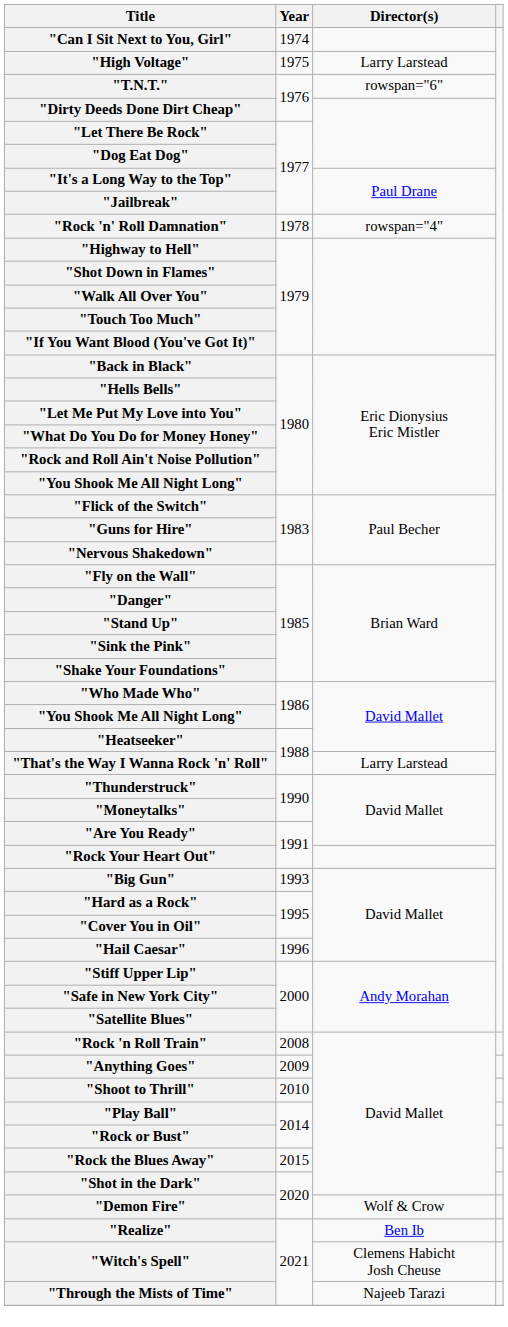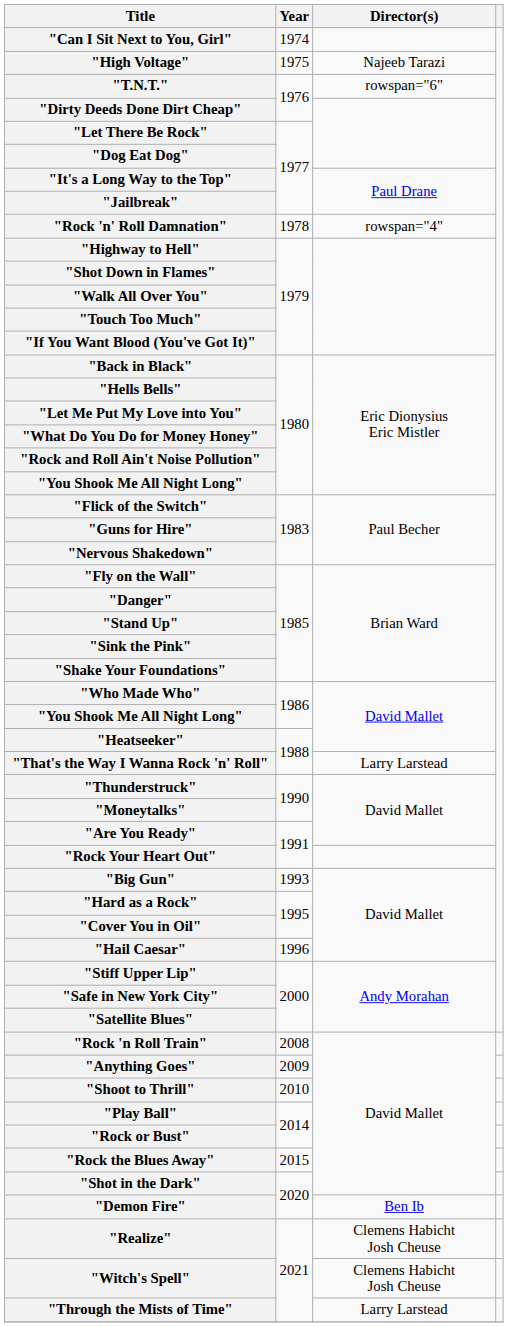 <table class="wikitable plainrowheaders" style="text-align:center">
 <tr>
 <th scope="col" style="width:18em;">Title</th>
 <th scope="col" style="width:1em;">Year</th>
 <th scope="col" style="width:12em;">Director(s)</th>
 <th scope="col"></th>
 </tr>
 <tr>
 <th scope="row">"Can I Sit Next to You, Girl"</th>
 <td>1974</td>
 <td></td>
 <td rowspan="43"></td>
 </tr>
 <tr>
 <th scope="row">"High Voltage"</th>
 <td>1975</td>
-<td>Larry Larstead</td>
+<td>Najeeb Tarazi</td>
 </tr>
 <tr>
 <th scope="row">"T.N.T."</th>
 <td rowspan="2">1976</td>
 <td>rowspan="6" </td>
 </tr>
 <tr>
 <th scope="row">"Dirty Deeds Done Dirt Cheap"</th>
 </tr>
 <tr>
 <th scope="row">"Let There Be Rock"</th>
 <td rowspan="4">1977</td>
 </tr>
 <tr>
 <th scope="row">"Dog Eat Dog"</th>
 </tr>
 <tr>
 <th scope="row">"It's a Long Way to the Top"</th>
 <td rowspan="2"><a href='#'>Paul Drane</a></td>
 </tr>
 <tr>
 <th scope="row">"Jailbreak"</th>
 </tr>
 <tr>
 <th scope="row">"Rock 'n' Roll Damnation"</th>
 <td>1978</td>
 <td>rowspan="4" </td>
 </tr>
 <tr>
 <th scope="row">"Highway to Hell"</th>
 <td rowspan="5">1979</td>
 </tr>
 <tr>
 <th scope="row">"Shot Down in Flames"</th>
 </tr>
 <tr>
 <th scope="row">"Walk All Over You"</th>
 </tr>
 <tr>
 <th scope="row">"Touch Too Much"</th>
 </tr>
 <tr>
 <th scope="row">"If You Want Blood (You've Got It)"</th>
 </tr>
 <tr>
 <th scope="row">"Back in Black"</th>
 <td rowspan="6">1980</td>
 <td rowspan="6">Eric Dionysius<br>Eric Mistler</td>
 </tr>
 <tr>
 <th scope="row">"Hells Bells"</th>
 </tr>
 <tr>
 <th scope="row">"Let Me Put My Love into You"</th>
 </tr>
 <tr>
 <th scope="row">"What Do You Do for Money Honey"</th>
 </tr>
 <tr>
 <th scope="row">"Rock and Roll Ain't Noise Pollution"</th>
 </tr>
 <tr>
 <th scope="row">"You Shook Me All Night Long"</th>
 </tr>
 <tr>
 <th scope="row">"Flick of the Switch"</th>
 <td rowspan="3">1983</td>
 <td rowspan="3">Paul Becher</td>
 </tr>
 <tr>
 <th scope="row">"Guns for Hire"</th>
 </tr>
 <tr>
 <th scope="row">"Nervous Shakedown"</th>
 </tr>
 <tr>
 <th scope="row">"Fly on the Wall"</th>
 <td rowspan="5">1985</td>
 <td rowspan="5">Brian Ward</td>
 </tr>
 <tr>
 <th scope="row">"Danger"</th>
 </tr>
 <tr>
 <th scope="row">"Stand Up"</th>
 </tr>
 <tr>
 <th scope="row">"Sink the Pink"</th>
 </tr>
 <tr>
 <th scope="row">"Shake Your Foundations"</th>
 </tr>
 <tr>
 <th scope="row">"Who Made Who"</th>
 <td rowspan="2">1986</td>
 <td rowspan="3"><a href='#'>David Mallet</a></td>
 </tr>
 <tr>
 <th scope="row">"You Shook Me All Night Long"</th>
 </tr>
 <tr>
 <th scope="row">"Heatseeker"</th>
 <td rowspan="2">1988</td>
 </tr>
 <tr>
 <th scope="row">"That's the Way I Wanna Rock 'n' Roll"</th>
 <td>Larry Larstead</td>
 </tr>
 <tr>
 <th scope="row">"Thunderstruck"</th>
 <td rowspan="2">1990</td>
 <td rowspan="3">David Mallet</td>
 </tr>
 <tr>
 <th scope="row">"Moneytalks"</th>
 </tr>
 <tr>
 <th scope="row">"Are You Ready"</th>
 <td rowspan="2">1991</td>
 </tr>
 <tr>
 <th scope="row">"Rock Your Heart Out"</th>
 <td></td>
 </tr>
 <tr>
 <th scope="row">"Big Gun"</th>
 <td>1993</td>
 <td rowspan="4">David Mallet</td>
 </tr>
 <tr>
 <th scope="row">"Hard as a Rock"</th>
 <td rowspan="2">1995</td>
 </tr>
 <tr>
 <th scope="row">"Cover You in Oil"</th>
 </tr>
 <tr>
 <th scope="row">"Hail Caesar"</th>
 <td>1996</td>
 </tr>
 <tr>
 <th scope="row">"Stiff Upper Lip"</th>
 <td rowspan="3">2000</td>
 <td rowspan="3"><a href='#'>Andy Morahan</a></td>
 </tr>
 <tr>
 <th scope="row">"Safe in New York City"</th>
 </tr>
 <tr>
 <th scope="row">"Satellite Blues"</th>
 </tr>
 <tr>
 <th scope="row">"Rock 'n Roll Train"</th>
 <td>2008</td>
 <td rowspan="7">David Mallet</td>
 <td></td>
 </tr>
 <tr>
 <th scope="row">"Anything Goes"</th>
 <td>2009</td>
 <td></td>
 </tr>
 <tr>
 <th scope="row">"Shoot to Thrill"</th>
 <td>2010</td>
 <td></td>
 </tr>
 <tr>
 <th scope="row">"Play Ball"</th>
 <td rowspan="2">2014</td>
 <td></td>
 </tr>
 <tr>
 <th scope="row">"Rock or Bust"</th>
 <td></td>
 </tr>
 <tr>
 <th scope="row">"Rock the Blues Away"</th>
 <td>2015</td>
 <td></td>
 </tr>
 <tr>
 <th scope="row">"Shot in the Dark"</th>
 <td rowspan="2">2020</td>
 <td></td>
 </tr>
 <tr>
 <th scope="row">"Demon Fire"</th>
-<td>Wolf & Crow</td>
+<td><a href='#'>Ben Ib</a></td>
 <td></td>
 </tr>
 <tr>
 <th scope="row">"Realize"</th>
 <td rowspan="3">2021</td>
-<td><a href='#'>Ben Ib</a></td>
+<td>Clemens Habicht<br>Josh Cheuse</td>
 <td></td>
 </tr>
 <tr>
 <th scope="row">"Witch's Spell"</th>
 <td>Clemens Habicht<br>Josh Cheuse</td>
 <td></td>
 </tr>
 <tr>
 <th scope="row">"Through the Mists of Time"</th>
-<td>Najeeb Tarazi</td>
+<td>Larry Larstead</td>
 <td></td>
 </tr>
 <tr>
 </tr>
 </table>
